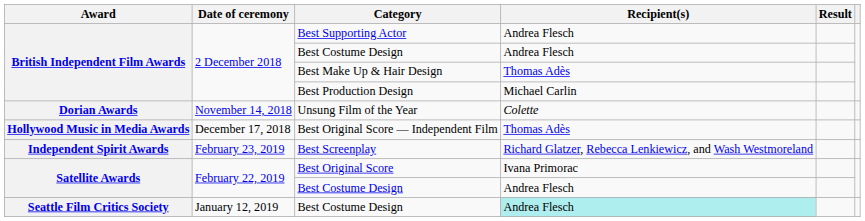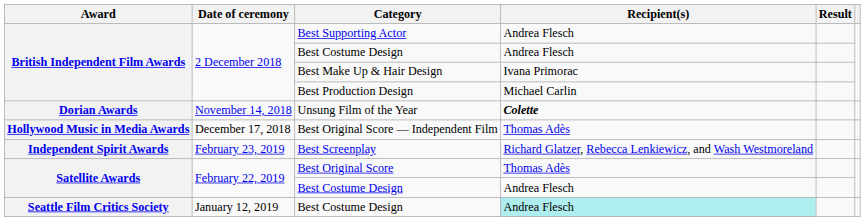 <table class="wikitable sortable plainrowheaders">
 <tr>
 <th scope="col">Award</th>
 <th scope="col">Date of ceremony</th>
 <th scope="col">Category</th>
 <th scope="col">Recipient(s)</th>
 <th scope="col">Result</th>
 <th scope="col" class="unsortable"></th>
 </tr>
 <tr>
 <th scope="row" rowspan="4"><a href='#'>British Independent Film Awards</a></th>
 <td rowspan="4"><a href='#'>2 December 2018</a></td>
 <td><a href='#'>Best Supporting Actor</a></td>
 <td>Andrea Flesch</td>
 <td></td>
 <td rowspan="4" style="text-align:center;"></td>
 </tr>
 <tr>
 <td>Best Costume Design</td>
 <td>Andrea Flesch</td>
 <td></td>
 </tr>
 <tr>
 <td>Best Make Up & Hair Design</td>
-<td><a href='#'>Thomas Adès</a></td>
+<td>Ivana Primorac</td>
 <td></td>
 </tr>
 <tr>
 <td>Best Production Design</td>
 <td>Michael Carlin</td>
 <td></td>
 </tr>
 <tr>
 <th scope="row"><a href='#'>Dorian Awards</a></th>
 <td><a href='#'>November 14, 2018</a></td>
 <td>Unsung Film of the Year</td>
-<td><em>Colette</em></td>
+<td><strong><em>Colette</em></strong></td>
 <td></td>
 <td style="text-align:center;"></td>
 </tr>
 <tr>
 <th scope="row"><a href='#'>Hollywood Music in Media Awards</a></th>
 <td>December 17, 2018</td>
 <td>Best Original Score — Independent Film</td>
 <td><a href='#'>Thomas Adès</a></td>
 <td></td>
 <td style="text-align:center;"></td>
 </tr>
 <tr>
 <th scope="row"><a href='#'>Independent Spirit Awards</a></th>
 <td><a href='#'>February 23, 2019</a></td>
 <td><a href='#'>Best Screenplay</a></td>
 <td><a href='#'>Richard Glatzer</a>, <a href='#'>Rebecca Lenkiewicz</a>, and <a href='#'>Wash Westmoreland</a></td>
 <td></td>
 <td style="text-align:center;"></td>
 </tr>
 <tr>
 <th scope="row" rowspan="2"><a href='#'>Satellite Awards</a></th>
 <td rowspan="2"><a href='#'>February 22, 2019</a></td>
 <td><a href='#'>Best Original Score</a></td>
-<td>Ivana Primorac</td>
+<td><a href='#'>Thomas Adès</a></td>
 <td></td>
 <td rowspan="2" style="text-align:center;"><br></td>
 </tr>
 <tr>
 <td><a href='#'>Best Costume Design</a></td>
 <td>Andrea Flesch</td>
 <td></td>
 </tr>
 <tr>
 <th scope="row"><a href='#'>Seattle Film Critics Society</a></th>
 <td>January 12, 2019</td>
 <td>Best Costume Design</td>
 <td style="background: paleturquoise;">Andrea Flesch</td>
 <td></td>
 <td style="text-align:center;"></td>
 </tr>
 </table>
